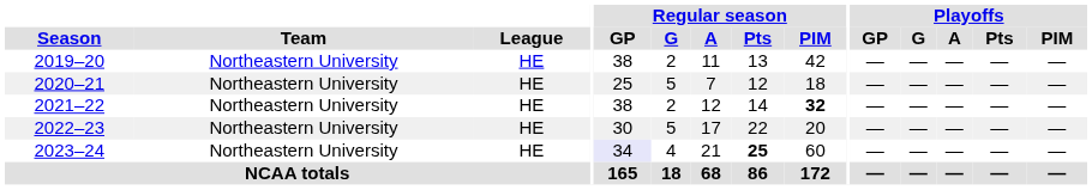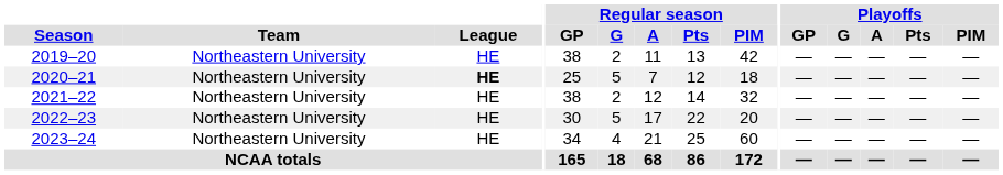 <table border="0" cellpadding="1" cellspacing="0" style="text-align:center; width:60em">
 <tr bgcolor="#e0e0e0">
 <th colspan="3" bgcolor="#ffffff"></th>
 <th rowspan="97" bgcolor="#ffffff"></th>
 <th colspan="5"><a href='#'>Regular season</a></th>
 <th rowspan="97" bgcolor="#ffffff"></th>
 <th colspan="5"><a href='#'>Playoffs</a></th>
 </tr>
 <tr bgcolor="#e0e0e0">
 <th><a href='#'>Season</a></th>
 <th>Team</th>
 <th>League</th>
 <th>GP</th>
 <th><a href='#'>G</a></th>
 <th><a href='#'>A</a></th>
 <th><a href='#'>Pts</a></th>
 <th><a href='#'>PIM</a></th>
 <th>GP</th>
 <th>G</th>
 <th>A</th>
 <th>Pts</th>
 <th>PIM</th>
 </tr>
 <tr>
 <td><a href='#'>2019–20</a></td>
 <td><a href='#'>Northeastern University</a></td>
 <td><a href='#'>HE</a></td>
 <td>38</td>
 <td>2</td>
 <td>11</td>
 <td>13</td>
 <td>42</td>
 <td>—</td>
 <td>—</td>
 <td>—</td>
 <td>—</td>
 <td>—</td>
 </tr>
 <tr bgcolor="#f0f0f0">
 <td><a href='#'>2020–21</a></td>
 <td>Northeastern University</td>
-<td>HE</td>
+<td><strong>HE</strong></td>
 <td>25</td>
 <td>5</td>
 <td>7</td>
 <td>12</td>
 <td>18</td>
 <td>—</td>
 <td>—</td>
 <td>—</td>
 <td>—</td>
 <td>—</td>
 </tr>
 <tr>
 <td><a href='#'>2021–22</a></td>
 <td>Northeastern University</td>
 <td>HE</td>
 <td>38</td>
 <td>2</td>
 <td>12</td>
 <td>14</td>
-<td><strong>32</strong></td>
+<td>32</td>
 <td>—</td>
 <td>—</td>
 <td>—</td>
 <td>—</td>
 <td>—</td>
 </tr>
 <tr bgcolor="#f0f0f0">
 <td><a href='#'>2022–23</a></td>
 <td>Northeastern University</td>
 <td>HE</td>
 <td>30</td>
 <td>5</td>
 <td>17</td>
 <td>22</td>
 <td>20</td>
 <td>—</td>
 <td>—</td>
 <td>—</td>
 <td>—</td>
 <td>—</td>
 </tr>
 <tr>
 <td><a href='#'>2023–24</a></td>
 <td>Northeastern University</td>
 <td>HE</td>
-<td style="background: lavender;">34</td>
+<td>34</td>
 <td>4</td>
 <td>21</td>
-<td><strong>25</strong></td>
+<td>25</td>
 <td>60</td>
 <td>—</td>
 <td>—</td>
 <td>—</td>
 <td>—</td>
 <td>—</td>
 </tr>
 <tr bgcolor="#e0e0e0">
 <th colspan="3">NCAA totals</th>
 <th>165</th>
 <th>18</th>
 <th>68</th>
 <th>86</th>
 <th>172</th>
 <th>—</th>
 <th>—</th>
 <th>—</th>
 <th>—</th>
 <th>—</th>
 </tr>
 </table>
